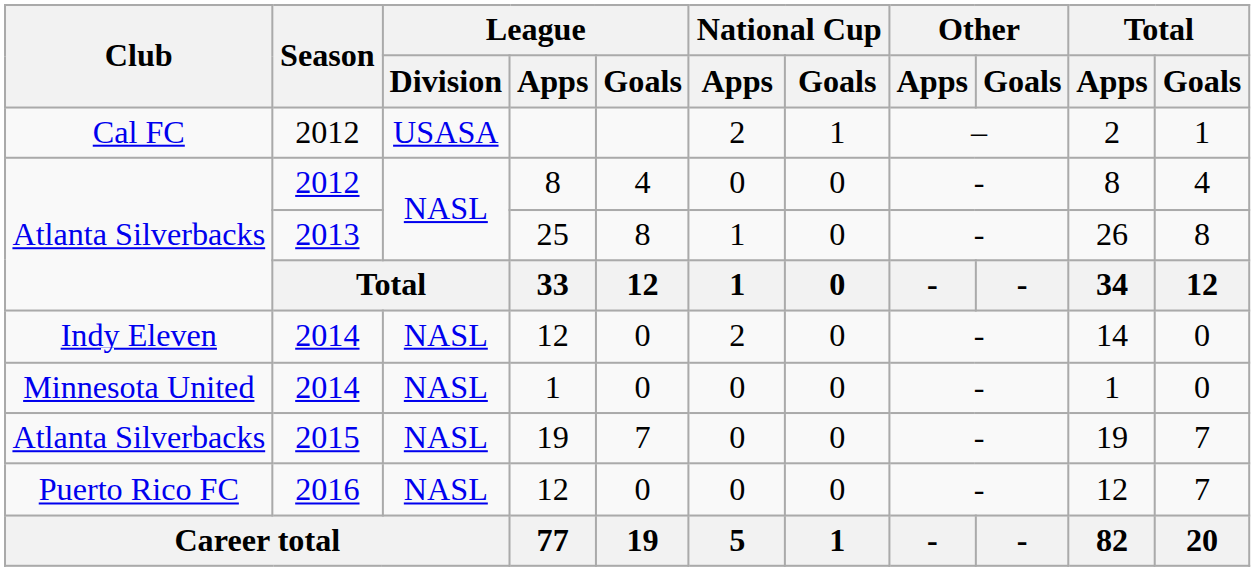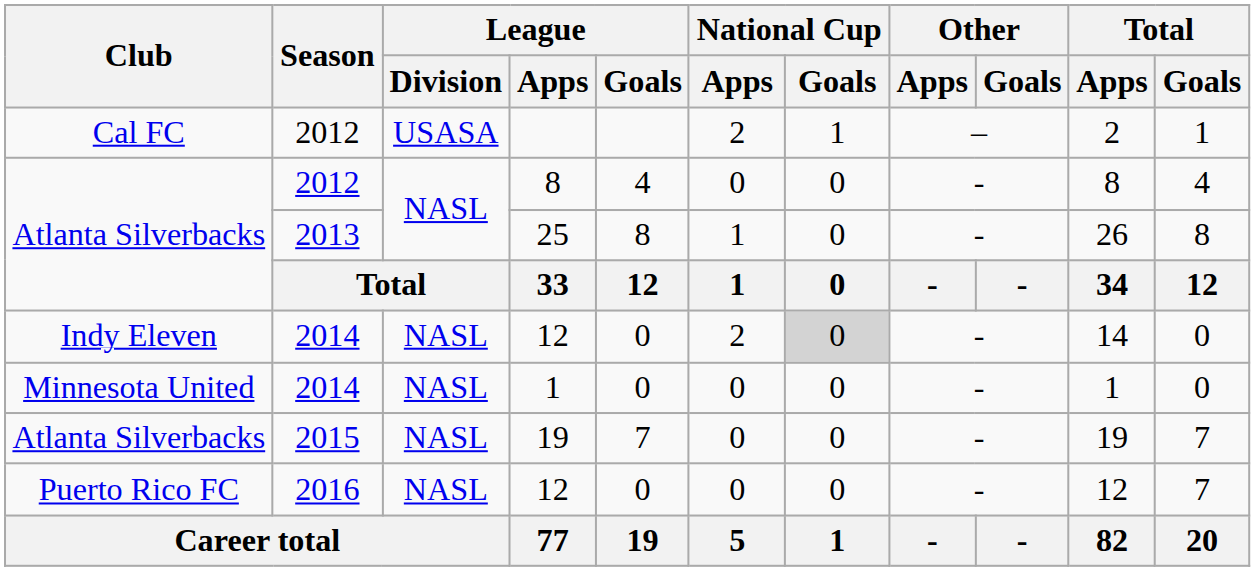 <table class="wikitable" style="text-align: center;">
 <tr>
 <th rowspan="2">Club</th>
 <th rowspan="2">Season</th>
 <th colspan="3">League</th>
 <th colspan="2">National Cup</th>
 <th colspan="2">Other</th>
 <th colspan="2">Total</th>
 </tr>
 <tr>
 <th>Division</th>
 <th>Apps</th>
 <th>Goals</th>
 <th>Apps</th>
 <th>Goals</th>
 <th>Apps</th>
 <th>Goals</th>
 <th>Apps</th>
 <th>Goals</th>
 </tr>
 <tr>
 <td valign="center"><a href='#'>Cal FC</a></td>
 <td>2012</td>
 <td><a href='#'>USASA</a></td>
 <td></td>
 <td></td>
 <td>2</td>
 <td>1</td>
 <td colspan="2">–</td>
 <td>2</td>
 <td>1</td>
 </tr>
 <tr>
 <td rowspan="3" valign="center"><a href='#'>Atlanta Silverbacks</a></td>
 <td><a href='#'>2012</a></td>
 <td rowspan="2" valign="center"><a href='#'>NASL</a></td>
 <td>8</td>
 <td>4</td>
 <td>0</td>
 <td>0</td>
 <td colspan="2">-</td>
 <td>8</td>
 <td>4</td>
 </tr>
 <tr>
 <td><a href='#'>2013</a></td>
 <td>25</td>
 <td>8</td>
 <td>1</td>
 <td>0</td>
 <td colspan="2">-</td>
 <td>26</td>
 <td>8</td>
 </tr>
 <tr>
 <th colspan="2">Total</th>
 <th>33</th>
 <th>12</th>
 <th>1</th>
 <th>0</th>
 <th>-</th>
 <th>-</th>
 <th>34</th>
 <th>12</th>
 </tr>
 <tr>
 <td valign="center"><a href='#'>Indy Eleven</a></td>
 <td><a href='#'>2014</a></td>
 <td><a href='#'>NASL</a></td>
 <td>12</td>
 <td>0</td>
 <td>2</td>
-<td>0</td>
+<td style="background: lightgrey;">0</td>
 <td colspan="2">-</td>
 <td>14</td>
 <td>0</td>
 </tr>
 <tr>
 <td valign="center"><a href='#'>Minnesota United</a></td>
 <td><a href='#'>2014</a></td>
 <td><a href='#'>NASL</a></td>
 <td>1</td>
 <td>0</td>
 <td>0</td>
 <td>0</td>
 <td colspan="2">-</td>
 <td>1</td>
 <td>0</td>
 </tr>
 <tr>
 <td valign="center"><a href='#'>Atlanta Silverbacks</a></td>
 <td><a href='#'>2015</a></td>
 <td><a href='#'>NASL</a></td>
 <td>19</td>
 <td>7</td>
 <td>0</td>
 <td>0</td>
 <td colspan="2">-</td>
 <td>19</td>
 <td>7</td>
 </tr>
 <tr>
 <td valign="center"><a href='#'>Puerto Rico FC</a></td>
 <td><a href='#'>2016</a></td>
 <td><a href='#'>NASL</a></td>
 <td>12</td>
 <td>0</td>
 <td>0</td>
 <td>0</td>
 <td colspan="2">-</td>
 <td>12</td>
 <td>7</td>
 </tr>
 <tr>
 <th colspan="3">Career total</th>
 <th>77</th>
 <th>19</th>
 <th>5</th>
 <th>1</th>
 <th>-</th>
 <th>-</th>
 <th>82</th>
 <th>20</th>
 </tr>
 </table>
